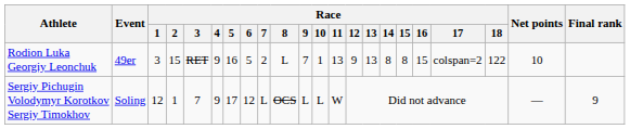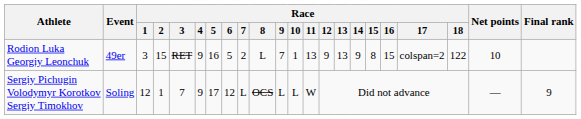 <table class="wikitable" style="font-size:90%">
 <tr>
 <th rowspan="2">Athlete</th>
 <th rowspan="2">Event</th>
 <th colspan=18>Race</th>
 <th rowspan=2>Net points</th>
 <th rowspan=2>Final rank</th>
 </tr>
 <tr style="font-size:95%">
 <th>1</th>
 <th>2</th>
 <th>3</th>
 <th>4</th>
 <th>5</th>
 <th>6</th>
 <th>7</th>
 <th>8</th>
 <th>9</th>
 <th>10</th>
 <th>11</th>
 <th>12</th>
 <th>13</th>
 <th>14</th>
 <th>15</th>
 <th>16</th>
 <th>17</th>
 <th>18</th>
 </tr>
 <tr align=center>
 <td align=left><a href='#'>Rodion Luka</a><br><a href='#'>Georgiy Leonchuk</a></td>
 <td align=left><a href='#'>49er</a></td>
 <td>3</td>
 <td>15</td>
 <td><s>RET</s></td>
 <td>9</td>
 <td>16</td>
 <td>5</td>
 <td>2</td>
 <td>L</td>
 <td>7</td>
 <td>1</td>
 <td>13</td>
 <td>9</td>
 <td>13</td>
-<td>8</td>
+<td>9</td>
 <td>8</td>
 <td>15</td>
 <td>colspan=2 </td>
 <td>122</td>
 <td>10</td>
 </tr>
 <tr align=center>
 <td align=left><a href='#'>Sergiy Pichugin</a><br><a href='#'>Volodymyr Korotkov</a><br><a href='#'>Sergiy Timokhov</a></td>
 <td align=left><a href='#'>Soling</a></td>
 <td>12</td>
 <td>1</td>
 <td>7</td>
 <td>9</td>
 <td>17</td>
 <td>12</td>
 <td>L</td>
 <td><s>OCS</s></td>
 <td>L</td>
 <td>L</td>
 <td>W</td>
 <td colspan=7>Did not advance</td>
 <td>—</td>
 <td>9</td>
 </tr>
 </table>
